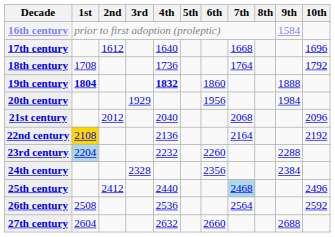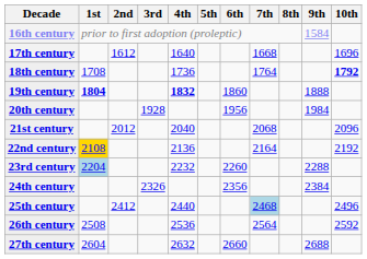 <table class="wikitable">
 <tr>
 <th scope=row>Decade</th>
 <th>1st</th>
 <th>2nd</th>
 <th>3rd</th>
 <th>4th</th>
 <th>5th</th>
 <th>6th</th>
 <th>7th</th>
 <th>8th</th>
 <th>9th</th>
 <th>10th</th>
 </tr>
 <tr style="opacity: 0.5;">
 <th style="background-color:#efefef;"><a href='#'>16th century</a></th>
 <td colspan="8"><em>prior to first adoption (proleptic)</em></td>
 <td><a href='#'>1584</a></td>
 <td></td>
 </tr>
 <tr>
 <th><a href='#'>17th century</a></th>
 <td></td>
 <td><a href='#'>1612</a></td>
 <td></td>
 <td><a href='#'>1640</a></td>
 <td></td>
 <td></td>
 <td><a href='#'>1668</a></td>
 <td></td>
 <td></td>
 <td><a href='#'>1696</a></td>
 </tr>
 <tr>
 <th style="background-color:#efefef;"><a href='#'>18th century</a></th>
 <td><a href='#'>1708</a></td>
 <td></td>
 <td></td>
 <td><a href='#'>1736</a></td>
 <td></td>
 <td></td>
 <td><a href='#'>1764</a></td>
 <td></td>
 <td></td>
-<td><a href='#'>1792</a></td>
+<td><strong><a href='#'>1792</a></strong></td>
 </tr>
 <tr>
 <th style="background-color:#efefef;"><a href='#'>19th century</a></th>
 <td><strong><a href='#'>1804</a></strong></td>
 <td></td>
 <td></td>
 <td><strong><a href='#'>1832</a></strong></td>
 <td></td>
 <td><a href='#'>1860</a></td>
 <td></td>
 <td></td>
 <td><a href='#'>1888</a></td>
 <td></td>
 </tr>
 <tr>
 <th style="background-color:#efefef;"><a href='#'>20th century</a></th>
 <td></td>
 <td></td>
-<td><a href='#'>1929</a></td>
+<td><a href='#'>1928</a></td>
 <td></td>
 <td></td>
 <td><a href='#'>1956</a></td>
 <td></td>
 <td></td>
 <td><a href='#'>1984</a></td>
 <td></td>
 </tr>
 <tr>
 <th style="background-color:#efefef;"><a href='#'>21st century</a></th>
 <td></td>
 <td><a href='#'>2012</a></td>
 <td></td>
 <td><a href='#'>2040</a></td>
 <td></td>
 <td></td>
 <td><a href='#'>2068</a></td>
 <td></td>
 <td></td>
 <td><a href='#'>2096</a></td>
 </tr>
 <tr>
 <th style="background-color:#efefef;"><a href='#'>22nd century</a></th>
 <td style="background: gold;"><a href='#'>2108</a></td>
 <td></td>
 <td></td>
 <td><a href='#'>2136</a></td>
 <td></td>
 <td></td>
 <td><a href='#'>2164</a></td>
 <td></td>
 <td></td>
 <td><a href='#'>2192</a></td>
 </tr>
 <tr>
 <th style="background-color:#efefef;"><a href='#'>23rd century</a></th>
 <td style="background: lightblue;"><a href='#'>2204</a></td>
 <td></td>
 <td></td>
 <td><a href='#'>2232</a></td>
 <td></td>
 <td><a href='#'>2260</a></td>
 <td></td>
 <td></td>
 <td><a href='#'>2288</a></td>
 <td></td>
 </tr>
 <tr>
 <th style="background-color:#efefef;"><a href='#'>24th century</a></th>
 <td></td>
 <td></td>
-<td><a href='#'>2328</a></td>
+<td><a href='#'>2326</a></td>
 <td></td>
 <td></td>
 <td><a href='#'>2356</a></td>
 <td></td>
 <td></td>
 <td><a href='#'>2384</a></td>
 <td></td>
 </tr>
 <tr>
 <th style="background-color:#efefef;"><a href='#'>25th century</a></th>
 <td></td>
 <td><a href='#'>2412</a></td>
 <td></td>
 <td><a href='#'>2440</a></td>
 <td></td>
 <td></td>
 <td style="background: lightblue;"><a href='#'>2468</a></td>
 <td></td>
 <td></td>
 <td><a href='#'>2496</a></td>
 </tr>
 <tr>
 <th style="background-color:#efefef;"><a href='#'>26th century</a></th>
 <td><a href='#'>2508</a></td>
 <td></td>
 <td></td>
 <td><a href='#'>2536</a></td>
 <td></td>
 <td></td>
 <td><a href='#'>2564</a></td>
 <td></td>
 <td></td>
 <td><a href='#'>2592</a></td>
 </tr>
 <tr>
 <th style="background-color:#efefef;"><a href='#'>27th century</a></th>
 <td><a href='#'>2604</a></td>
 <td></td>
 <td></td>
 <td><a href='#'>2632</a></td>
 <td></td>
 <td><a href='#'>2660</a></td>
 <td></td>
 <td></td>
 <td><a href='#'>2688</a></td>
 <td></td>
 </tr>
 </table>
